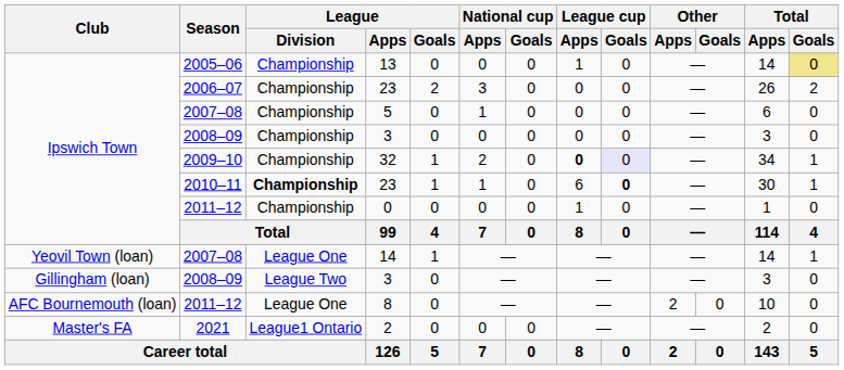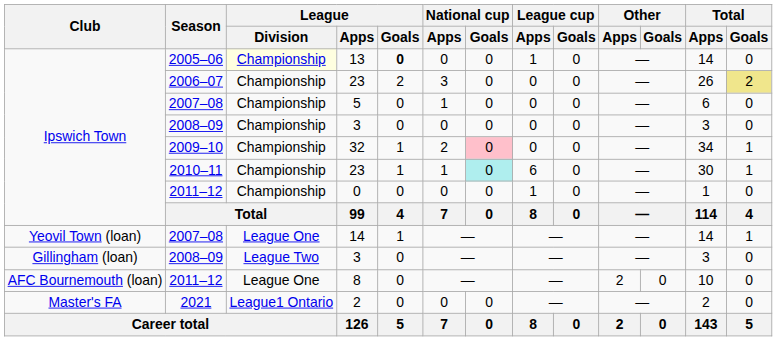 <table class="wikitable" style="text-align: center;">
 <tr>
 <th rowspan="2">Club</th>
 <th rowspan="2">Season</th>
 <th colspan="3">League</th>
 <th colspan="2">National cup</th>
 <th colspan="2">League cup</th>
 <th colspan="2">Other</th>
 <th colspan="2">Total</th>
 </tr>
 <tr>
 <th>Division</th>
 <th>Apps</th>
 <th>Goals</th>
 <th>Apps</th>
 <th>Goals</th>
 <th>Apps</th>
 <th>Goals</th>
 <th>Apps</th>
 <th>Goals</th>
 <th>Apps</th>
 <th>Goals</th>
 </tr>
 <tr>
 <td rowspan="8"><a href='#'>Ipswich Town</a></td>
 <td><a href='#'>2005–06</a></td>
-<td><a href='#'>Championship</a></td>
+<td style="background: lightyellow;"><a href='#'>Championship</a></td>
 <td>13</td>
-<td>0</td>
+<td><strong>0</strong></td>
 <td>0</td>
 <td>0</td>
 <td>1</td>
 <td>0</td>
 <td colspan="2">—</td>
 <td>14</td>
-<td style="background: khaki;">0</td>
+<td>0</td>
 </tr>
 <tr>
 <td><a href='#'>2006–07</a></td>
 <td>Championship</td>
 <td>23</td>
 <td>2</td>
 <td>3</td>
 <td>0</td>
 <td>0</td>
 <td>0</td>
 <td colspan="2">—</td>
 <td>26</td>
-<td>2</td>
+<td style="background: khaki;">2</td>
 </tr>
 <tr>
 <td><a href='#'>2007–08</a></td>
 <td>Championship</td>
 <td>5</td>
 <td>0</td>
 <td>1</td>
 <td>0</td>
 <td>0</td>
 <td>0</td>
 <td colspan="2">—</td>
 <td>6</td>
 <td>0</td>
 </tr>
 <tr>
 <td><a href='#'>2008–09</a></td>
 <td>Championship</td>
 <td>3</td>
 <td>0</td>
 <td>0</td>
 <td>0</td>
 <td>0</td>
 <td>0</td>
 <td colspan="2">—</td>
 <td>3</td>
 <td>0</td>
 </tr>
 <tr>
 <td><a href='#'>2009–10</a></td>
 <td>Championship</td>
 <td>32</td>
 <td>1</td>
 <td>2</td>
+<td style="background: pink;">0</td>
 <td>0</td>
-<td><strong>0</strong></td>
-<td style="background: lavender;">0</td>
+<td>0</td>
 <td colspan="2">—</td>
 <td>34</td>
 <td>1</td>
 </tr>
 <tr>
 <td><a href='#'>2010–11</a></td>
-<td><strong>Championship</strong></td>
+<td>Championship</td>
 <td>23</td>
 <td>1</td>
 <td>1</td>
+<td style="background: paleturquoise;">0</td>
+<td>6</td>
 <td>0</td>
-<td>6</td>
-<td><strong>0</strong></td>
 <td colspan="2">—</td>
 <td>30</td>
 <td>1</td>
 </tr>
 <tr>
 <td><a href='#'>2011–12</a></td>
 <td>Championship</td>
 <td>0</td>
 <td>0</td>
 <td>0</td>
 <td>0</td>
 <td>1</td>
 <td>0</td>
 <td colspan="2">—</td>
 <td>1</td>
 <td>0</td>
 </tr>
 <tr>
 <th colspan="2">Total</th>
 <th>99</th>
 <th>4</th>
 <th>7</th>
 <th>0</th>
 <th>8</th>
 <th>0</th>
 <th colspan="2">—</th>
 <th>114</th>
 <th>4</th>
 </tr>
 <tr>
 <td><a href='#'>Yeovil Town</a> (loan)</td>
 <td><a href='#'>2007–08</a></td>
 <td><a href='#'>League One</a></td>
 <td>14</td>
 <td>1</td>
 <td colspan="2">—</td>
 <td colspan="2">—</td>
 <td colspan="2">—</td>
 <td>14</td>
 <td>1</td>
 </tr>
 <tr>
 <td><a href='#'>Gillingham</a> (loan)</td>
 <td><a href='#'>2008–09</a></td>
 <td><a href='#'>League Two</a></td>
 <td>3</td>
 <td>0</td>
 <td colspan="2">—</td>
 <td colspan="2">—</td>
 <td colspan="2">—</td>
 <td>3</td>
 <td>0</td>
 </tr>
 <tr>
 <td><a href='#'>AFC Bournemouth</a> (loan)</td>
 <td><a href='#'>2011–12</a></td>
 <td>League One</td>
 <td>8</td>
 <td>0</td>
 <td colspan="2">—</td>
 <td colspan="2">—</td>
 <td>2</td>
 <td>0</td>
 <td>10</td>
 <td>0</td>
 </tr>
 <tr>
 <td><a href='#'>Master's FA</a></td>
 <td><a href='#'>2021</a></td>
 <td><a href='#'>League1 Ontario</a></td>
 <td>2</td>
 <td>0</td>
 <td>0</td>
 <td>0</td>
 <td colspan="2">—</td>
 <td colspan="2">—</td>
 <td>2</td>
 <td>0</td>
 </tr>
 <tr>
 <th colspan="3">Career total</th>
 <th>126</th>
 <th>5</th>
 <th>7</th>
 <th>0</th>
 <th>8</th>
 <th>0</th>
 <th>2</th>
 <th>0</th>
 <th>143</th>
 <th>5</th>
 </tr>
 </table>
